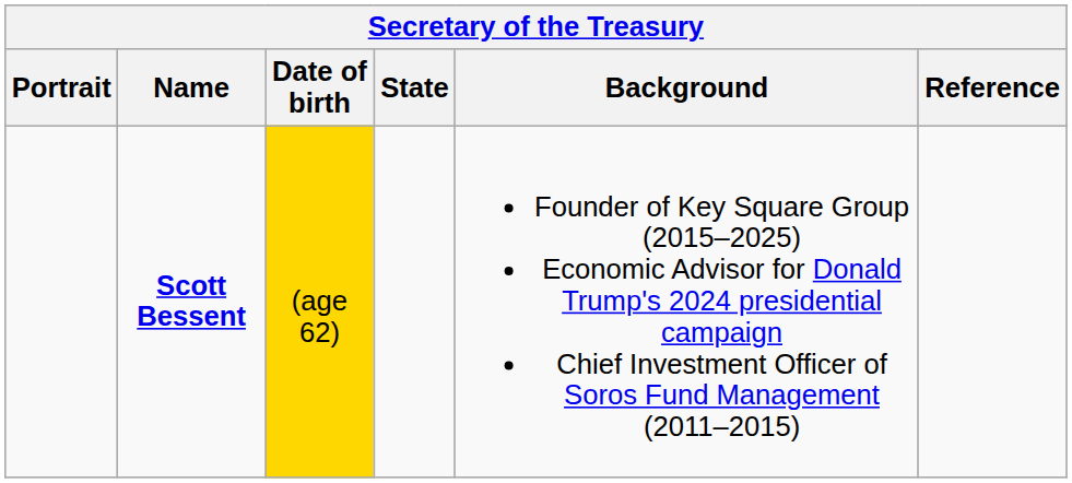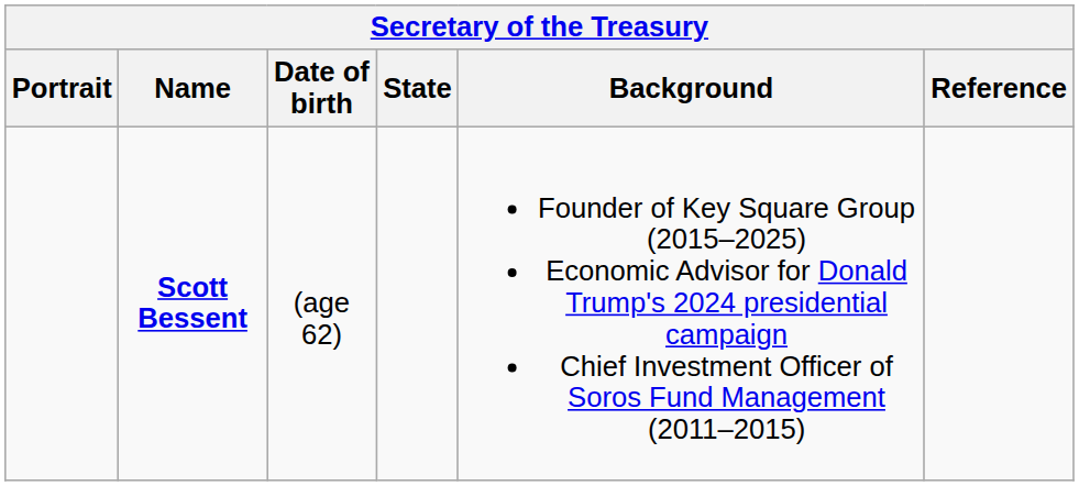 <table class="wikitable collapsible" style="text-align:center;">
 <tr>
 <th colspan="6"><a href='#'>Secretary of the Treasury</a></th>
 </tr>
 <tr>
 <th>Portrait</th>
 <th>Name</th>
 <th>Date of birth</th>
 <th>State</th>
 <th>Background</th>
 <th>Reference</th>
 </tr>
 <tr>
 <td></td>
 <td><strong><a href='#'>Scott Bessent</a></strong></td>
-<td style="background: gold;"><br>(age 62)</td>
+<td><br>(age 62)</td>
 <td></td>
 <td><br><ul><li>Founder of Key Square Group (2015–2025)</li><li>Economic Advisor for <a href='#'>Donald Trump's 2024 presidential campaign</a></li><li>Chief Investment Officer of <a href='#'>Soros Fund Management</a> (2011–2015)</li></ul></td>
 <td></td>
 </tr>
 </table>
